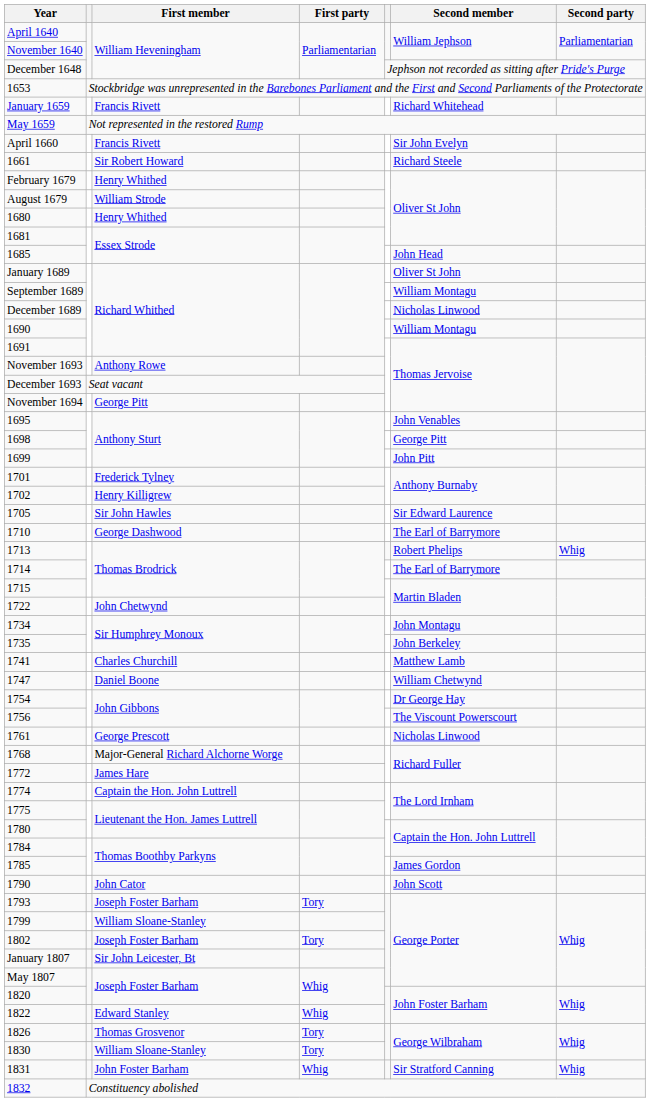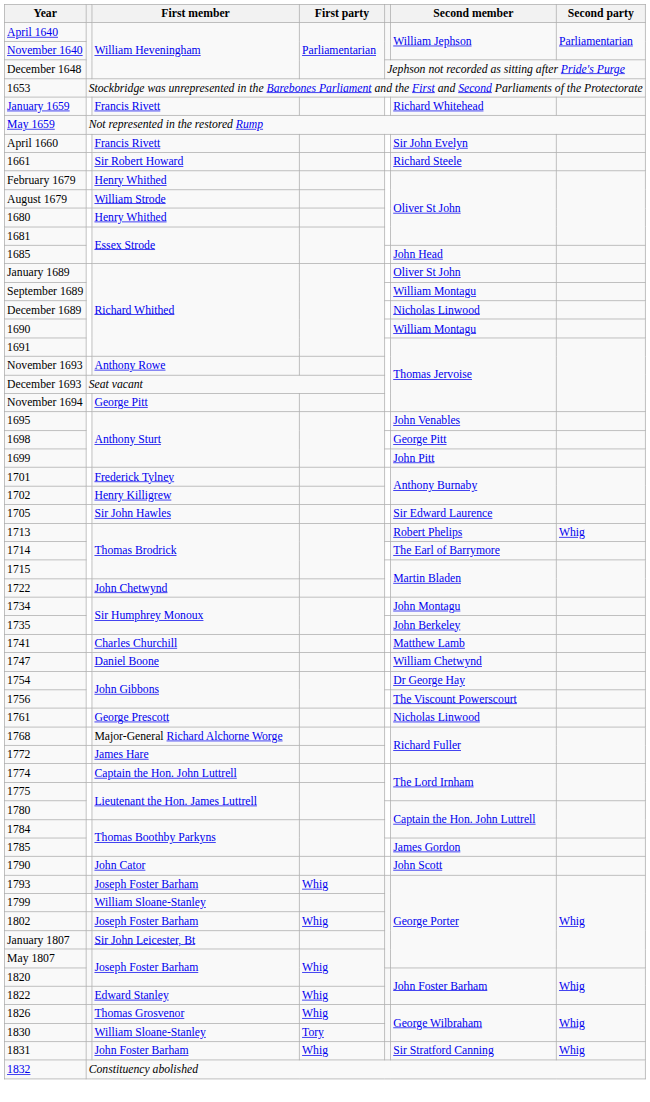 <table class="wikitable">
 <tr>
 <th>Year</th>
 <th></th>
 <th>First member</th>
 <th>First party</th>
 <th></th>
 <th>Second member</th>
 <th>Second party</th>
 </tr>
 <tr>
 <td><a href='#'>April 1640</a></td>
 <td rowspan="3" style="color:inherit;background-color: "></td>
 <td rowspan="3"><a href='#'>William Heveningham</a></td>
 <td rowspan="3"><a href='#'>Parliamentarian</a></td>
 <td rowspan="2" style="color:inherit;background-color: "></td>
 <td rowspan="2"><a href='#'>William Jephson</a></td>
 <td rowspan = "2"><a href='#'>Parliamentarian</a></td>
 </tr>
 <tr>
 <td><a href='#'>November 1640</a></td>
 </tr>
 <tr>
 <td>December 1648</td>
 <td colspan="3"><em>Jephson not recorded as sitting after <a href='#'>Pride's Purge</a></em></td>
 </tr>
 <tr>
 <td>1653</td>
 <td colspan="6"><em>Stockbridge was unrepresented in the <a href='#'>Barebones Parliament</a> and the <a href='#'>First</a> and <a href='#'>Second</a> Parliaments of the Protectorate</em></td>
 </tr>
 <tr>
 <td><a href='#'>January 1659</a></td>
 <td style="color:inherit;background-color: white"></td>
 <td><a href='#'>Francis Rivett</a></td>
 <td></td>
 <td style="color:inherit;background-color: white"></td>
 <td><a href='#'>Richard Whitehead</a></td>
 <td></td>
 </tr>
 <tr>
 <td><a href='#'>May 1659</a></td>
 <td colspan="6"><em>Not represented in the restored <a href='#'>Rump</a></em></td>
 </tr>
 <tr>
 <td>April 1660</td>
 <td style="color:inherit;background-color: white"></td>
 <td><a href='#'>Francis Rivett</a></td>
 <td></td>
 <td style="color:inherit;background-color: white"></td>
 <td><a href='#'>Sir John Evelyn</a></td>
 <td></td>
 </tr>
 <tr>
 <td>1661</td>
 <td style="color:inherit;background-color: white"></td>
 <td><a href='#'>Sir Robert Howard</a></td>
 <td></td>
 <td style="color:inherit;background-color: white"></td>
 <td><a href='#'>Richard Steele</a></td>
 <td></td>
 </tr>
 <tr>
 <td>February 1679</td>
 <td style="color:inherit;background-color: white"></td>
 <td><a href='#'>Henry Whithed</a></td>
 <td></td>
 <td rowspan="4" style="color:inherit;background-color: white"></td>
 <td rowspan="4"><a href='#'>Oliver St John</a></td>
 <td rowspan="4"></td>
 </tr>
 <tr>
 <td>August 1679</td>
 <td style="color:inherit;background-color: white"></td>
 <td><a href='#'>William Strode</a></td>
 <td></td>
 </tr>
 <tr>
 <td>1680</td>
 <td style="color:inherit;background-color: white"></td>
 <td><a href='#'>Henry Whithed</a></td>
 <td></td>
 </tr>
 <tr>
 <td>1681</td>
 <td rowspan="2" style="color:inherit;background-color: white"></td>
 <td rowspan="2"><a href='#'>Essex Strode</a></td>
 <td rowspan="2"></td>
 </tr>
 <tr>
 <td>1685</td>
 <td style="color:inherit;background-color: white"></td>
 <td><a href='#'>John Head</a></td>
 <td></td>
 </tr>
 <tr>
 <td>January 1689</td>
 <td rowspan="5" style="color:inherit;background-color: white"></td>
 <td rowspan="5"><a href='#'>Richard Whithed</a></td>
 <td rowspan="5"></td>
 <td style="color:inherit;background-color: white"></td>
 <td><a href='#'>Oliver St John</a></td>
 <td></td>
 </tr>
 <tr>
 <td>September 1689</td>
 <td style="color:inherit;background-color: white"></td>
 <td><a href='#'>William Montagu</a></td>
 <td></td>
 </tr>
 <tr>
 <td>December 1689</td>
 <td style="color:inherit;background-color: white"></td>
 <td><a href='#'>Nicholas Linwood</a></td>
 <td></td>
 </tr>
 <tr>
 <td>1690</td>
 <td style="color:inherit;background-color: white"></td>
 <td><a href='#'>William Montagu</a></td>
 <td></td>
 </tr>
 <tr>
 <td>1691</td>
 <td rowspan="4" style="color:inherit;background-color: white"></td>
 <td rowspan="4"><a href='#'>Thomas Jervoise</a></td>
 <td rowspan="4"></td>
 </tr>
 <tr>
 <td>November 1693</td>
 <td style="color:inherit;background-color: white"></td>
 <td><a href='#'>Anthony Rowe</a></td>
 <td></td>
 </tr>
 <tr>
 <td>December 1693</td>
 <td colspan="3"><em>Seat vacant</em> </td>
 </tr>
 <tr>
 <td>November 1694</td>
 <td style="color:inherit;background-color: white"></td>
 <td><a href='#'>George Pitt</a></td>
 <td></td>
 </tr>
 <tr>
 <td>1695</td>
 <td rowspan="3" style="color:inherit;background-color: white"></td>
 <td rowspan="3"><a href='#'>Anthony Sturt</a></td>
 <td rowspan="3"></td>
 <td style="color:inherit;background-color: white"></td>
 <td><a href='#'>John Venables</a></td>
 <td></td>
 </tr>
 <tr>
 <td>1698</td>
 <td style="color:inherit;background-color: white"></td>
 <td><a href='#'>George Pitt</a></td>
 <td></td>
 </tr>
 <tr>
 <td>1699</td>
 <td style="color:inherit;background-color: white"></td>
 <td><a href='#'>John Pitt</a></td>
 <td></td>
 </tr>
 <tr>
 <td>1701</td>
 <td style="color:inherit;background-color: white"></td>
 <td><a href='#'>Frederick Tylney</a></td>
 <td></td>
 <td rowspan="2" style="color:inherit;background-color: white"></td>
 <td rowspan="2"><a href='#'>Anthony Burnaby</a></td>
 <td rowspan="2"></td>
 </tr>
 <tr>
 <td>1702</td>
 <td style="color:inherit;background-color: white"></td>
 <td><a href='#'>Henry Killigrew</a></td>
 <td></td>
 </tr>
 <tr>
 <td>1705</td>
 <td style="color:inherit;background-color: white"></td>
 <td><a href='#'>Sir John Hawles</a></td>
 <td></td>
 <td style="color:inherit;background-color: white"></td>
 <td><a href='#'>Sir Edward Laurence</a></td>
 <td></td>
 </tr>
 <tr>
-<td>1710</td>
-<td style="color:inherit;background-color: white"></td>
-<td><a href='#'>George Dashwood</a></td>
-<td></td>
-<td style="color:inherit;background-color: white"></td>
-<td><a href='#'>The Earl of Barrymore</a></td>
-<td></td>
-</tr>
-<tr>
 <td>1713</td>
 <td rowspan="3" style="color:inherit;background-color: white"></td>
 <td rowspan="3"><a href='#'>Thomas Brodrick</a></td>
 <td rowspan="3"></td>
 <td style="color:inherit;background-color: "></td>
 <td><a href='#'>Robert Phelips</a></td>
 <td><a href='#'>Whig</a></td>
 </tr>
 <tr>
 <td>1714</td>
 <td style="color:inherit;background-color: white"></td>
 <td><a href='#'>The Earl of Barrymore</a></td>
 <td></td>
 </tr>
 <tr>
 <td>1715</td>
 <td rowspan="2" style="color:inherit;background-color: white"></td>
 <td rowspan="2"><a href='#'>Martin Bladen</a></td>
 <td rowspan="2"></td>
 </tr>
 <tr>
 <td>1722</td>
 <td style="color:inherit;background-color: white"></td>
 <td><a href='#'>John Chetwynd</a></td>
 <td></td>
 </tr>
 <tr>
 <td>1734</td>
 <td rowspan="2" style="color:inherit;background-color: white"></td>
 <td rowspan="2"><a href='#'>Sir Humphrey Monoux</a></td>
 <td rowspan="2"></td>
 <td style="color:inherit;background-color: white"></td>
 <td><a href='#'>John Montagu</a></td>
 <td></td>
 </tr>
 <tr>
 <td>1735</td>
 <td style="color:inherit;background-color: white"></td>
 <td><a href='#'>John Berkeley</a></td>
 <td></td>
 </tr>
 <tr>
 <td>1741</td>
 <td style="color:inherit;background-color: white"></td>
 <td><a href='#'>Charles Churchill</a></td>
 <td></td>
 <td style="color:inherit;background-color: white"></td>
 <td><a href='#'>Matthew Lamb</a></td>
 <td></td>
 </tr>
 <tr>
 <td>1747</td>
 <td style="color:inherit;background-color: white"></td>
 <td><a href='#'>Daniel Boone</a></td>
 <td></td>
 <td style="color:inherit;background-color: white"></td>
 <td><a href='#'>William Chetwynd</a></td>
 <td></td>
 </tr>
 <tr>
 <td>1754</td>
 <td rowspan="2" style="color:inherit;background-color: white"></td>
 <td rowspan="2"><a href='#'>John Gibbons</a></td>
 <td rowspan="2"></td>
 <td style="color:inherit;background-color: white"></td>
 <td><a href='#'>Dr George Hay</a></td>
 <td></td>
 </tr>
 <tr>
 <td>1756</td>
 <td style="color:inherit;background-color: white"></td>
 <td><a href='#'>The Viscount Powerscourt</a></td>
 <td></td>
 </tr>
 <tr>
 <td>1761</td>
 <td style="color:inherit;background-color: white"></td>
 <td><a href='#'>George Prescott</a></td>
 <td></td>
 <td style="color:inherit;background-color: white"></td>
 <td><a href='#'>Nicholas Linwood</a></td>
 <td></td>
 </tr>
 <tr>
 <td>1768</td>
 <td style="color:inherit;background-color: white"></td>
 <td>Major-General <a href='#'>Richard Alchorne Worge</a></td>
 <td></td>
 <td rowspan="2" style="color:inherit;background-color: white"></td>
 <td rowspan="2"><a href='#'>Richard Fuller</a></td>
 <td rowspan="2"></td>
 </tr>
 <tr>
 <td>1772</td>
 <td style="color:inherit;background-color: white"></td>
 <td><a href='#'>James Hare</a></td>
 <td></td>
 </tr>
 <tr>
 <td>1774</td>
 <td style="color:inherit;background-color: white"></td>
 <td><a href='#'>Captain the Hon. John Luttrell</a></td>
 <td></td>
 <td rowspan="2" style="color:inherit;background-color: white"></td>
 <td rowspan="2"><a href='#'>The Lord Irnham</a></td>
 <td rowspan="2"></td>
 </tr>
 <tr>
 <td>1775</td>
 <td rowspan="2" style="color:inherit;background-color: white"></td>
 <td rowspan="2"><a href='#'>Lieutenant the Hon. James Luttrell</a></td>
 <td rowspan="2"></td>
 </tr>
 <tr>
 <td>1780</td>
 <td rowspan="2" style="color:inherit;background-color: white"></td>
 <td rowspan="2"><a href='#'>Captain the Hon. John Luttrell</a></td>
 <td rowspan="2"></td>
 </tr>
 <tr>
 <td>1784</td>
 <td rowspan="2" style="color:inherit;background-color: white"></td>
 <td rowspan="2"><a href='#'>Thomas Boothby Parkyns</a></td>
 <td rowspan="2"></td>
 </tr>
 <tr>
 <td>1785</td>
 <td style="color:inherit;background-color: white"></td>
 <td><a href='#'>James Gordon</a></td>
 <td></td>
 </tr>
 <tr>
 <td>1790 </td>
 <td style="color:inherit;background-color: white"></td>
 <td><a href='#'>John Cator</a></td>
 <td></td>
 <td style="color:inherit;background-color: white"></td>
 <td><a href='#'>John Scott</a></td>
 <td></td>
 </tr>
 <tr>
 <td>1793</td>
 <td style="color:inherit;background-color: "></td>
 <td><a href='#'>Joseph Foster Barham</a></td>
-<td><a href='#'>Tory</a></td>
+<td><a href='#'>Whig</a></td>
 <td rowspan="5" style="color:inherit;background-color: "></td>
 <td rowspan="5"><a href='#'>George Porter</a></td>
 <td rowspan="5"><a href='#'>Whig</a></td>
 </tr>
 <tr>
 <td>1799</td>
 <td style="color:inherit;background-color: white"></td>
 <td><a href='#'>William Sloane-Stanley</a></td>
 <td></td>
 </tr>
 <tr>
 <td>1802</td>
 <td style="color:inherit;background-color: "></td>
 <td><a href='#'>Joseph Foster Barham</a></td>
-<td><a href='#'>Tory</a></td>
+<td><a href='#'>Whig</a></td>
 </tr>
 <tr>
 <td>January 1807</td>
 <td style="color:inherit;background-color: "></td>
 <td><a href='#'>Sir John Leicester, Bt</a></td>
 <td></td>
 </tr>
 <tr>
 <td>May 1807</td>
 <td rowspan="2" style="color:inherit;background-color: "></td>
 <td rowspan="2"><a href='#'>Joseph Foster Barham</a></td>
 <td rowspan="2"><a href='#'>Whig</a></td>
 </tr>
 <tr>
 <td>1820</td>
 <td rowspan="2" style="color:inherit;background-color: "></td>
 <td rowspan="2"><a href='#'>John Foster Barham</a></td>
 <td rowspan="2"><a href='#'>Whig</a></td>
 </tr>
 <tr>
 <td>1822</td>
 <td style="color:inherit;background-color: "></td>
 <td><a href='#'>Edward Stanley</a></td>
 <td><a href='#'>Whig</a></td>
 </tr>
 <tr>
 <td>1826</td>
 <td style="color:inherit;background-color: "></td>
 <td><a href='#'>Thomas Grosvenor</a></td>
-<td><a href='#'>Tory</a></td>
+<td><a href='#'>Whig</a></td>
 <td rowspan="2" style="color:inherit;background-color: "></td>
 <td rowspan="2"><a href='#'>George Wilbraham</a></td>
 <td rowspan="2"><a href='#'>Whig</a></td>
 </tr>
 <tr>
 <td>1830</td>
 <td style="color:inherit;background-color: "></td>
 <td><a href='#'>William Sloane-Stanley</a></td>
 <td><a href='#'>Tory</a></td>
 </tr>
 <tr>
 <td>1831</td>
 <td style="color:inherit;background-color: "></td>
 <td><a href='#'>John Foster Barham</a></td>
 <td><a href='#'>Whig</a></td>
 <td style="color:inherit;background-color: "></td>
 <td><a href='#'>Sir Stratford Canning</a></td>
 <td><a href='#'>Whig</a></td>
 </tr>
 <tr>
 <td><a href='#'>1832</a></td>
 <td colspan="6"><em>Constituency abolished</em></td>
 </tr>
 </table>
